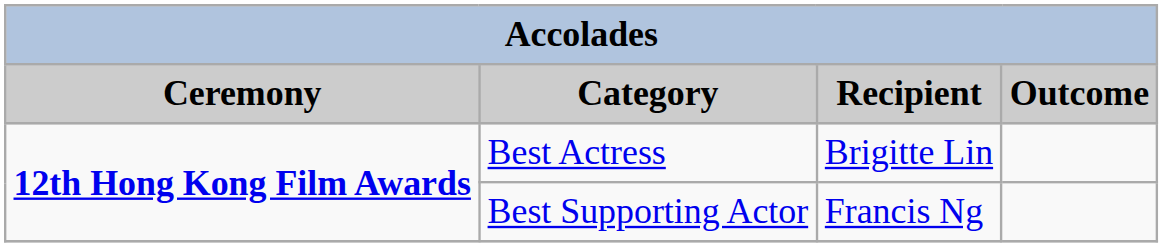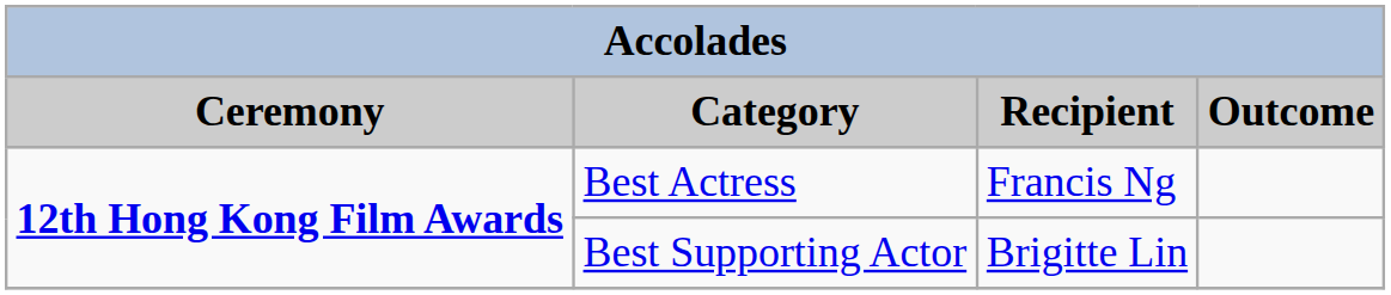 <table class="wikitable" style="font-size:95%">
 <tr style="background:#ccc; text-align:center;">
 <th colspan="4" style="background: LightSteelBlue;">Accolades</th>
 </tr>
 <tr style="background:#ccc; text-align:center;">
 <th style="background:#ccc">Ceremony</th>
 <th style="background:#ccc">Category</th>
 <th style="background:#ccc">Recipient</th>
 <th style="background:#ccc">Outcome</th>
 </tr>
 <tr>
 <td rowspan=2><strong><a href='#'>12th Hong Kong Film Awards</a></strong></td>
 <td><a href='#'>Best Actress</a></td>
-<td><a href='#'>Brigitte Lin</a></td>
+<td><a href='#'>Francis Ng</a></td>
 <td></td>
 </tr>
 <tr>
 <td><a href='#'>Best Supporting Actor</a></td>
-<td><a href='#'>Francis Ng</a></td>
+<td><a href='#'>Brigitte Lin</a></td>
 <td></td>
 </tr>
 <tr>
 </tr>
 </table>
